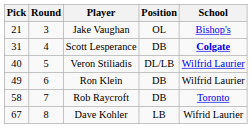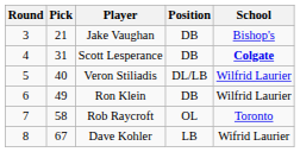 <table class="wikitable" style="font-size: 95%;">
 <tr>
+<th scope="col">Round</th>
 <th scope="col">Pick</th>
-<th scope="col">Round</th>
 <th scope="col">Player</th>
 <th scope="col">Position</th>
 <th scope="col">School</th>
 </tr>
 <tr align="center">
+<td align=center>3</td>
 <td>21</td>
-<td align=center>3</td>
 <td>Jake Vaughan</td>
-<td>OL</td>
+<td>DB</td>
 <td><a href='#'>Bishop's</a></td>
 </tr>
 <tr align="center">
+<td align=center>4</td>
 <td>31</td>
-<td align=center>4</td>
 <td>Scott Lesperance</td>
 <td>DB</td>
 <td><strong><a href='#'>Colgate</a></strong></td>
 </tr>
 <tr align="center">
+<td align=center>5</td>
 <td>40</td>
-<td align=center>5</td>
 <td>Veron Stiliadis</td>
 <td>DL/LB</td>
 <td><a href='#'>Wilfrid Laurier</a></td>
 </tr>
 <tr align="center">
+<td align=center>6</td>
 <td>49</td>
-<td align=center>6</td>
 <td>Ron Klein</td>
 <td>DB</td>
 <td>Wilfrid Laurier</td>
 </tr>
 <tr align="center">
+<td align=center>7</td>
 <td>58</td>
-<td align=center>7</td>
 <td>Rob Raycroft</td>
-<td>DB</td>
+<td>OL</td>
 <td><a href='#'>Toronto</a></td>
 </tr>
 <tr align="center">
+<td align=center>8</td>
 <td>67</td>
-<td align=center>8</td>
 <td>Dave Kohler</td>
 <td>LB</td>
 <td>Wifrid Laurier</td>
 </tr>
 </table>
